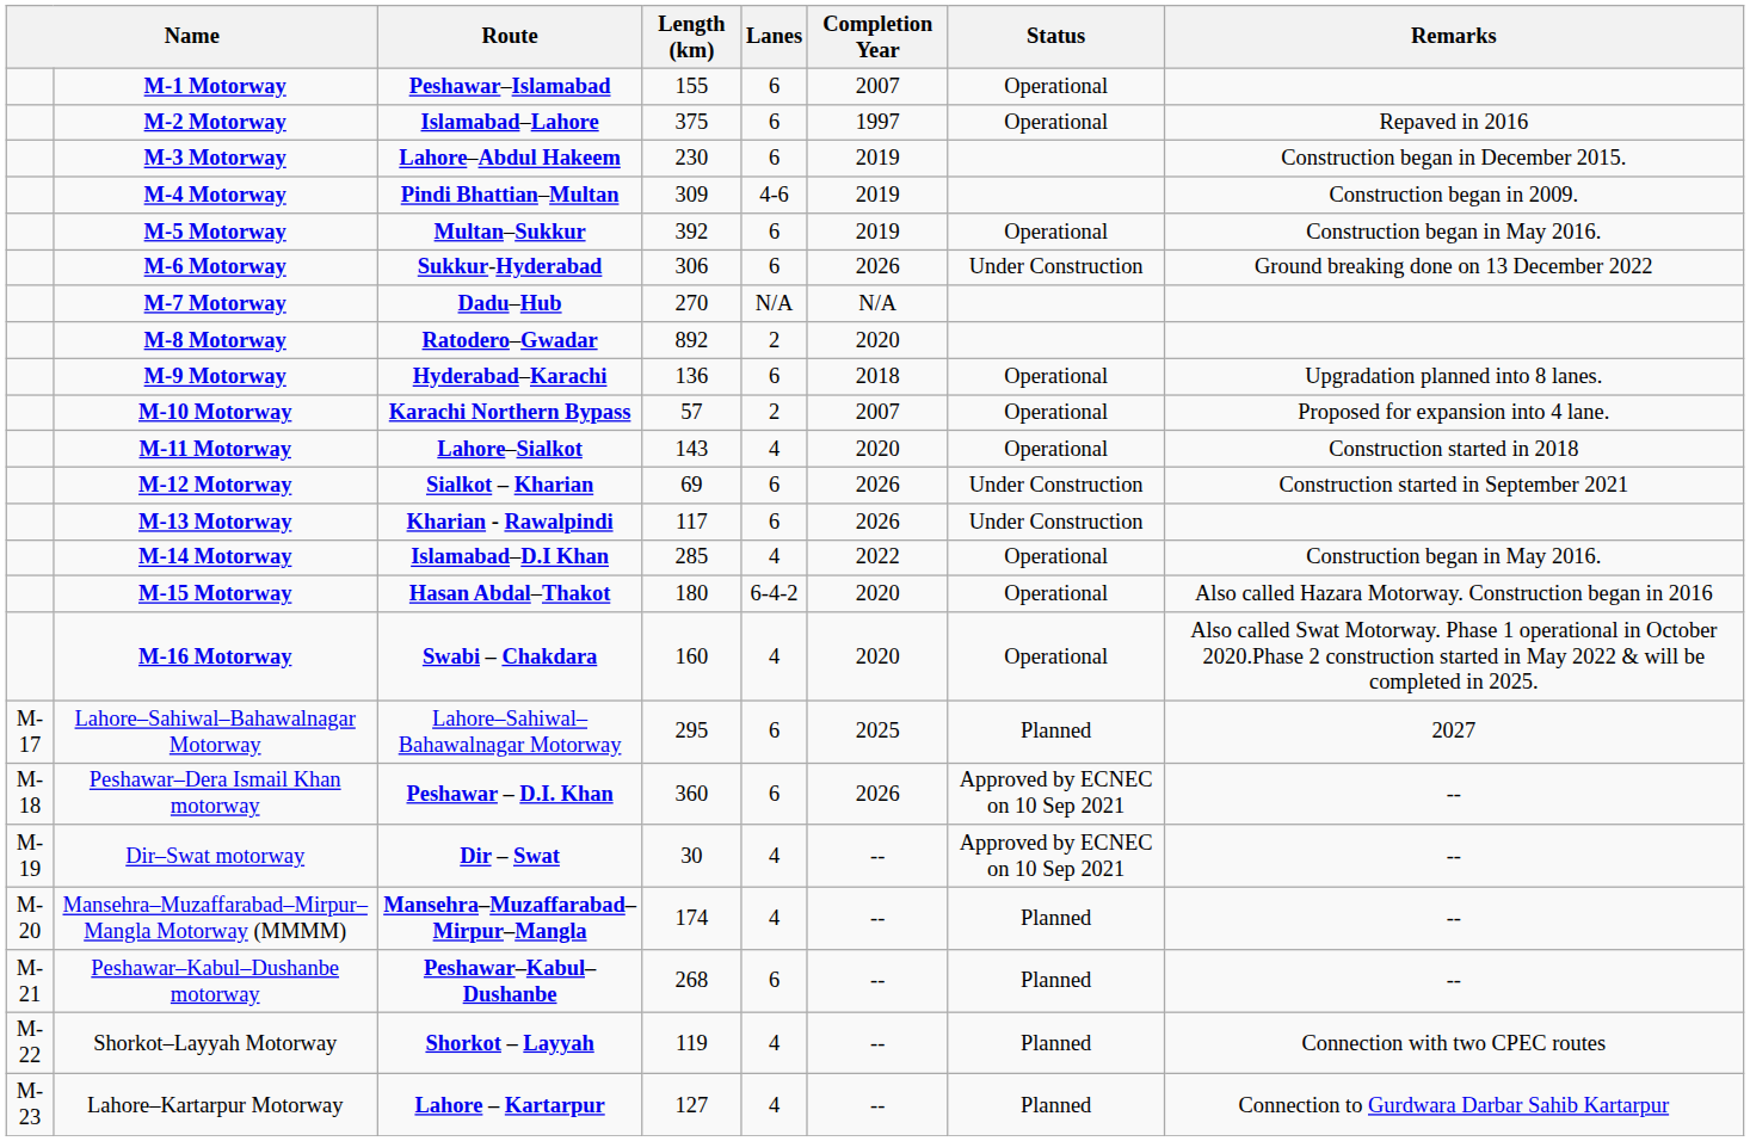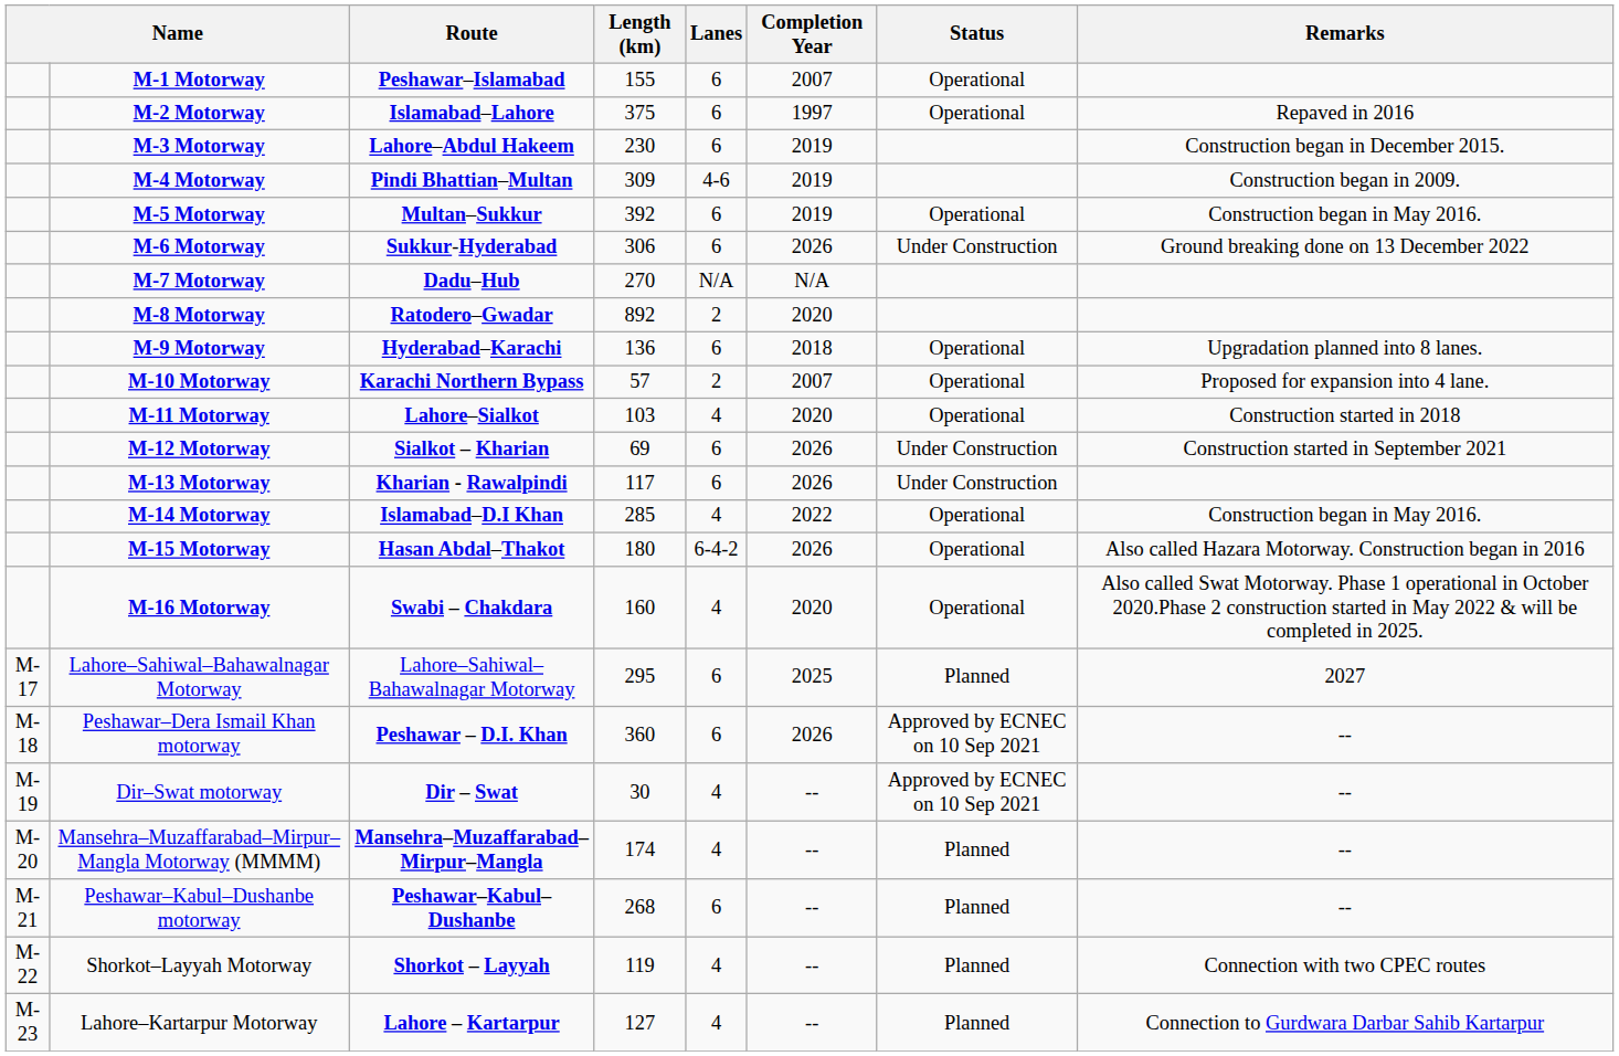 <table class="wikitable sortable" style="margin:auto; font-size:90%; align:center; text-align:center; width:90%">
 <tr>
 <th colspan="2">Name</th>
 <th>Route</th>
 <th>Length (km)</th>
 <th>Lanes</th>
 <th>Completion Year</th>
 <th>Status</th>
 <th>Remarks</th>
 </tr>
 <tr>
 <td></td>
 <td><strong><a href='#'>M-1 Motorway</a></strong></td>
 <td><strong><a href='#'>Peshawar</a></strong>–<strong><a href='#'>Islamabad</a></strong></td>
 <td>155</td>
 <td>6</td>
 <td>2007</td>
 <td> Operational</td>
 <td></td>
 </tr>
 <tr>
 <td></td>
 <td><strong><a href='#'>M-2 Motorway</a></strong></td>
 <td><strong><a href='#'>Islamabad</a></strong>–<strong><a href='#'>Lahore</a></strong></td>
 <td>375</td>
 <td>6</td>
 <td>1997</td>
 <td> Operational</td>
 <td>Repaved in 2016</td>
 </tr>
 <tr>
 <td></td>
 <td><strong><a href='#'>M-3 Motorway</a></strong></td>
 <td><strong><a href='#'>Lahore</a></strong>–<strong><a href='#'>Abdul Hakeem</a></strong></td>
 <td>230</td>
 <td>6</td>
 <td>2019</td>
 <td></td>
 <td>Construction began in December 2015.</td>
 </tr>
 <tr>
 <td></td>
 <td><strong><a href='#'>M-4 Motorway</a></strong></td>
 <td><strong><a href='#'>Pindi Bhattian</a></strong>–<strong><a href='#'>Multan</a></strong></td>
 <td>309</td>
 <td>4-6</td>
 <td>2019</td>
 <td></td>
 <td>Construction began in 2009.</td>
 </tr>
 <tr>
 <td></td>
 <td><strong><a href='#'>M-5 Motorway</a></strong></td>
 <td><strong><a href='#'>Multan</a></strong>–<strong><a href='#'>Sukkur</a></strong></td>
 <td>392</td>
 <td>6</td>
 <td>2019</td>
 <td> Operational</td>
 <td>Construction began in May 2016.</td>
 </tr>
 <tr>
 <td></td>
 <td><strong><a href='#'>M-6 Motorway</a></strong></td>
 <td><strong><a href='#'>Sukkur</a></strong>-<strong><a href='#'>Hyderabad</a></strong></td>
 <td>306</td>
 <td>6</td>
 <td>2026</td>
 <td> Under Construction</td>
 <td>Ground breaking done on 13 December 2022</td>
 </tr>
 <tr>
 <td></td>
 <td><strong><a href='#'>M-7 Motorway</a></strong></td>
 <td><strong><a href='#'>Dadu</a></strong>–<strong><a href='#'>Hub</a></strong></td>
 <td>270</td>
 <td>N/A</td>
 <td>N/A</td>
 <td></td>
 <td></td>
 </tr>
 <tr>
 <td></td>
 <td><strong><a href='#'>M-8 Motorway</a></strong></td>
 <td><strong><a href='#'>Ratodero</a></strong>–<strong><a href='#'>Gwadar</a></strong></td>
 <td>892</td>
 <td>2</td>
 <td>2020</td>
 <td></td>
 <td Operational between Hoshab-Gwadar and Khuzdar-Ratodero.></td>
 </tr>
 <tr>
 <td></td>
 <td><strong><a href='#'>M-9 Motorway</a></strong></td>
 <td><strong><a href='#'>Hyderabad</a></strong>–<strong><a href='#'>Karachi</a></strong></td>
 <td>136</td>
 <td>6</td>
 <td>2018</td>
 <td> Operational</td>
 <td>Upgradation planned into 8 lanes.</td>
 </tr>
 <tr>
 <td></td>
 <td><strong><a href='#'>M-10 Motorway</a></strong></td>
 <td><strong><a href='#'>Karachi Northern Bypass</a></strong></td>
 <td>57</td>
 <td>2</td>
 <td>2007</td>
 <td> Operational</td>
 <td>Proposed for expansion into 4 lane.</td>
 </tr>
 <tr>
 <td></td>
 <td><strong><a href='#'>M-11 Motorway</a></strong></td>
 <td><strong><a href='#'>Lahore</a></strong>–<strong><a href='#'>Sialkot</a></strong></td>
-<td>143</td>
+<td>103</td>
 <td>4</td>
 <td>2020</td>
 <td> Operational</td>
 <td>Construction started in 2018</td>
 </tr>
 <tr>
 <td></td>
 <td><strong><a href='#'>M-12 Motorway</a></strong></td>
 <td><strong><a href='#'>Sialkot</a> – <a href='#'>Kharian</a></strong></td>
 <td>69</td>
 <td>6</td>
 <td>2026</td>
 <td> Under Construction</td>
 <td>Construction started in September 2021</td>
 </tr>
 <tr>
 <td></td>
 <td><strong><a href='#'>M-13 Motorway</a></strong></td>
 <td><strong><a href='#'>Kharian</a></strong> <strong>- <a href='#'>Rawalpindi</a></strong></td>
 <td>117</td>
 <td>6</td>
 <td>2026</td>
 <td>Under Construction</td>
 </tr>
 <tr>
 <td></td>
 <td><strong><a href='#'>M-14 Motorway</a></strong></td>
 <td><strong><a href='#'>Islamabad</a></strong>–<strong><a href='#'>D.I Khan</a></strong></td>
 <td>285</td>
 <td>4</td>
 <td>2022</td>
 <td> Operational</td>
 <td>Construction began in May 2016.</td>
 </tr>
 <tr>
 <td><br></td>
 <td><strong><a href='#'>M-15 Motorway</a></strong></td>
 <td><strong><a href='#'>Hasan Abdal</a></strong>–<strong><a href='#'>Thakot</a></strong></td>
 <td>180</td>
 <td>6-4-2</td>
-<td>2020</td>
+<td>2026</td>
 <td> Operational</td>
 <td>Also called Hazara Motorway. Construction began in 2016</td>
 </tr>
 <tr>
 <td></td>
 <td><strong><a href='#'>M-16 Motorway</a></strong></td>
 <td><strong><a href='#'>Swabi</a> – <a href='#'>Chakdara</a></strong></td>
 <td>160</td>
 <td>4</td>
 <td>2020</td>
 <td> Operational</td>
 <td>Also called Swat Motorway. Phase 1 operational in October 2020.Phase 2 construction started in May 2022 & will be completed in 2025.</td>
 </tr>
 <tr>
 <td>M-17</td>
 <td><a href='#'>Lahore–Sahiwal–Bahawalnagar Motorway</a></td>
 <td><a href='#'>Lahore–Sahiwal–Bahawalnagar Motorway</a></td>
 <td>295</td>
 <td>6</td>
 <td>2025</td>
 <td>Planned</td>
 <td>2027</td>
 </tr>
 <tr>
 <td>M-18</td>
 <td><a href='#'>Peshawar–Dera Ismail Khan motorway</a></td>
 <td><strong><a href='#'>Peshawar</a> – <a href='#'>D.I. Khan</a></strong></td>
 <td>360</td>
 <td>6</td>
 <td>2026</td>
 <td>Approved by ECNEC on 10 Sep 2021</td>
 <td>--</td>
 </tr>
 <tr>
 <td>M-19</td>
 <td><a href='#'>Dir–Swat motorway</a></td>
 <td><strong><a href='#'>Dir</a> – <a href='#'>Swat</a></strong></td>
 <td>30</td>
 <td>4</td>
 <td>--</td>
 <td>Approved by ECNEC on 10 Sep 2021</td>
 <td>--</td>
 </tr>
 <tr>
 <td>M-20</td>
 <td><a href='#'>Mansehra–Muzaffarabad–Mirpur–Mangla Motorway</a> (MMMM)</td>
 <td><strong><a href='#'>Mansehra</a>–<a href='#'>Muzaffarabad</a>–<a href='#'>Mirpur</a>–<a href='#'>Mangla</a></strong></td>
 <td>174</td>
 <td>4</td>
 <td>--</td>
 <td>Planned</td>
 <td>--</td>
 </tr>
 <tr>
 <td>M-21</td>
 <td><a href='#'>Peshawar–Kabul–Dushanbe motorway</a></td>
 <td><strong><a href='#'>Peshawar</a>–<a href='#'>Kabul</a>–<a href='#'>Dushanbe</a></strong></td>
 <td>268</td>
 <td>6</td>
 <td>--</td>
 <td>Planned</td>
 <td>--</td>
 </tr>
 <tr>
 <td>M-22</td>
 <td>Shorkot–Layyah Motorway</td>
 <td><strong><a href='#'>Shorkot</a> – <a href='#'>Layyah</a></strong></td>
 <td>119</td>
 <td>4</td>
 <td>--</td>
 <td>Planned</td>
 <td>Connection with two CPEC routes</td>
 </tr>
 <tr>
 <td>M-23</td>
 <td>Lahore–Kartarpur Motorway</td>
 <td><strong><a href='#'>Lahore</a> – <a href='#'>Kartarpur</a></strong></td>
 <td>127</td>
 <td>4</td>
 <td>--</td>
 <td>Planned</td>
 <td>Connection to <a href='#'>Gurdwara Darbar Sahib Kartarpur</a></td>
 </tr>
 </table>
